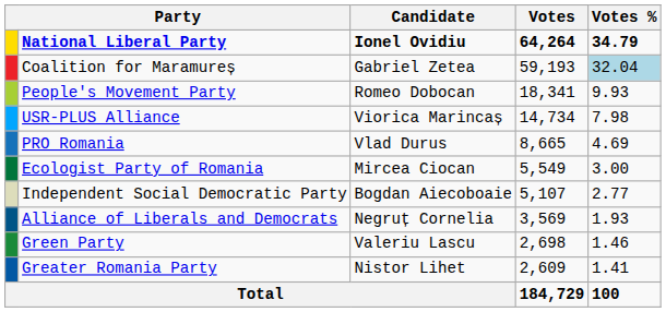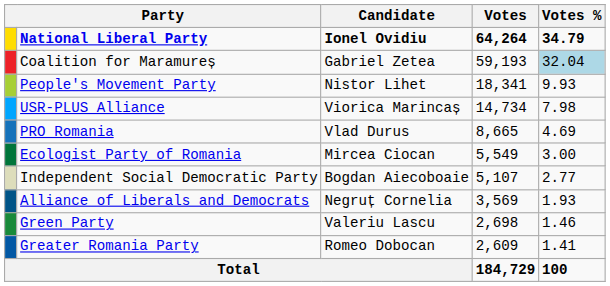 <table class="wikitable">
 <tr>
 <th colspan="2">Party</th>
 <th>Candidate</th>
 <th>Votes</th>
 <th>Votes %</th>
 </tr>
 <tr>
 <td style="background:#ffdd00;" width="5"></td>
 <td><a href='#'><strong>National Liberal Party</strong></a></td>
 <td><strong>Ionel Ovidiu</strong></td>
 <td><strong>64,264</strong></td>
 <td><strong>34.79</strong></td>
 </tr>
 <tr>
 <td style="background:#ed2128;" width="5"></td>
 <td>Coalition for Maramureș</td>
 <td>Gabriel Zetea</td>
 <td>59,193</td>
 <td style="background: lightblue;">32.04</td>
 </tr>
 <tr>
 <td style="background:#a7cf35;" width="5"></td>
 <td><a href='#'>People's Movement Party</a></td>
-<td>Romeo Dobocan</td>
+<td>Nistor Lihet</td>
 <td>18,341</td>
 <td>9.93</td>
 </tr>
 <tr>
 <td style="background:#00a6ff;" width="5"></td>
 <td><a href='#'>USR-PLUS Alliance</a></td>
 <td>Viorica Marincaș</td>
 <td>14,734</td>
 <td>7.98</td>
 </tr>
 <tr>
 <td style="background:#1572ba;" width="5"></td>
 <td><a href='#'>PRO Romania</a></td>
 <td>Vlad Durus</td>
 <td>8,665</td>
 <td>4.69</td>
 </tr>
 <tr>
 <td style="background:#00753a;" width="5"></td>
 <td><a href='#'>Ecologist Party of Romania</a></td>
 <td>Mircea Ciocan</td>
 <td>5,549</td>
 <td>3.00</td>
 </tr>
 <tr>
 <td style="background:#ddddbb;" width="5"></td>
 <td>Independent Social Democratic Party</td>
 <td>Bogdan Aiecoboaie</td>
 <td>5,107</td>
 <td>2.77</td>
 </tr>
 <tr>
 <td style="background:#005487;" width="5"></td>
 <td><a href='#'>Alliance of Liberals and Democrats</a></td>
 <td>Negruț Cornelia</td>
 <td>3,569</td>
 <td>1.93</td>
 </tr>
 <tr>
 <td style="background:#198a3a;" width="5"></td>
 <td><a href='#'>Green Party</a></td>
 <td>Valeriu Lascu</td>
 <td>2,698</td>
 <td>1.46</td>
 </tr>
 <tr>
 <td style="background:#0258a4;" width="5"></td>
 <td><a href='#'>Greater Romania Party</a></td>
-<td>Nistor Lihet</td>
+<td>Romeo Dobocan</td>
 <td>2,609</td>
 <td>1.41</td>
 </tr>
 <tr>
 <th colspan="3">Total</th>
 <td><strong>184,729</strong></td>
 <td><strong>100</strong></td>
 </tr>
 </table>
